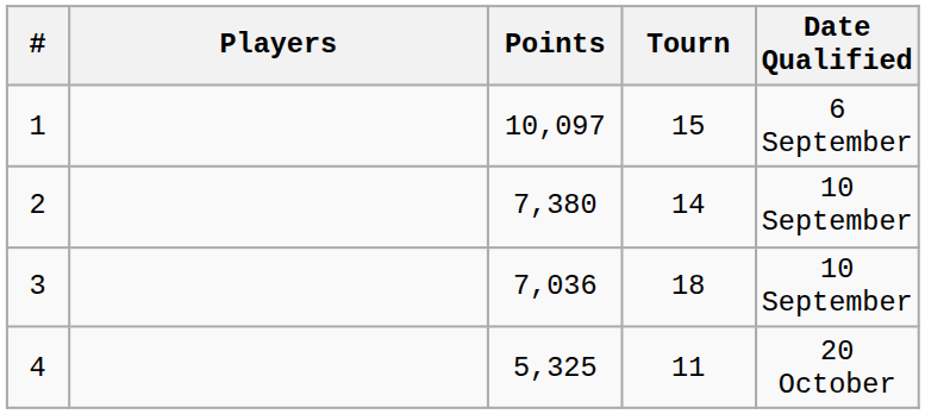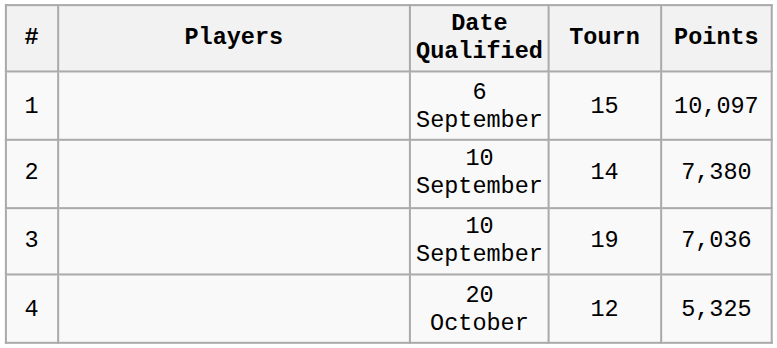 <table class="sortable wikitable" style="float:right;margin-left:1em;text-align:center;font-size:90%;text:justify;">
 <tr>
 <th width=20>#</th>
 <th width=170>Players</th>
+<th width=60>Date Qualified</th>
+<th width=50>Tourn</th>
 <th width=50>Points</th>
-<th width=50>Tourn</th>
-<th width=60>Date Qualified</th>
 </tr>
 <tr align=center>
 <td>1</td>
 <td align=left> <br> </td>
+<td>6 September</td>
+<td>15</td>
 <td>10,097</td>
-<td>15</td>
-<td>6 September</td>
 </tr>
 <tr>
 <td>2</td>
 <td align=left> <br> </td>
+<td>10 September</td>
+<td>14</td>
 <td>7,380</td>
-<td>14</td>
-<td>10 September</td>
 </tr>
 <tr>
 <td>3</td>
 <td align=left> <br> </td>
+<td>10 September</td>
+<td>19</td>
 <td>7,036</td>
-<td>18</td>
-<td>10 September</td>
 </tr>
 <tr>
 <td>4</td>
 <td align=left> <br> </td>
+<td>20 October</td>
+<td>12</td>
 <td>5,325</td>
-<td>11</td>
-<td>20 October</td>
 </tr>
 </table>
